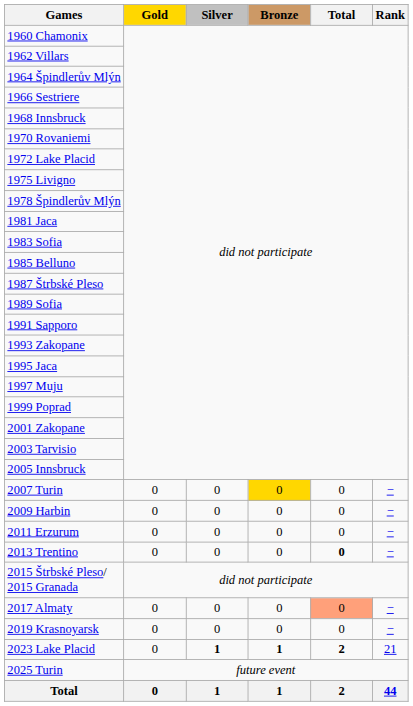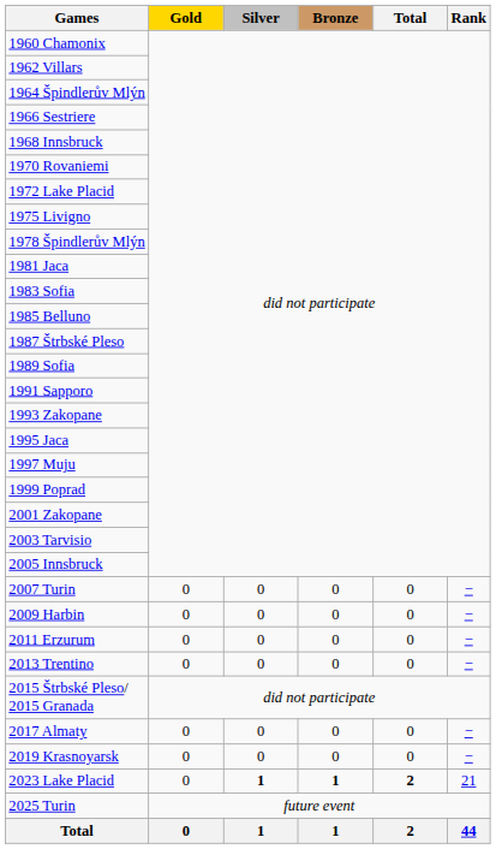 <table class="wikitable" style="text-align:center; font-size:90%;">
 <tr>
 <th>Games</th>
 <th style="background:gold; width:4.5em; font-weight:bold;">Gold</th>
 <th style="background:silver; width:4.5em; font-weight:bold;">Silver</th>
 <th style="background:#cc9966; width:4.5em; font-weight:bold;">Bronze</th>
 <th style="width:4.5em;">Total</th>
 <th>Rank</th>
 </tr>
 <tr>
 <td align=left> <a href='#'>1960 Chamonix</a></td>
 <td colspan=5 rowspan="22"><em>did not participate</em></td>
 </tr>
 <tr>
 <td align=left> <a href='#'>1962 Villars</a></td>
 </tr>
 <tr>
 <td align=left> <a href='#'>1964 Špindlerův Mlýn</a></td>
 </tr>
 <tr>
 <td align=left> <a href='#'>1966 Sestriere</a></td>
 </tr>
 <tr>
 <td align=left> <a href='#'>1968 Innsbruck</a></td>
 </tr>
 <tr>
 <td align=left> <a href='#'>1970 Rovaniemi</a></td>
 </tr>
 <tr>
 <td align=left> <a href='#'>1972 Lake Placid</a></td>
 </tr>
 <tr>
 <td align=left> <a href='#'>1975 Livigno</a></td>
 </tr>
 <tr>
 <td align=left> <a href='#'>1978 Špindlerův Mlýn</a></td>
 </tr>
 <tr>
 <td align=left> <a href='#'>1981 Jaca</a></td>
 </tr>
 <tr>
 <td align=left> <a href='#'>1983 Sofia</a></td>
 </tr>
 <tr>
 <td align=left> <a href='#'>1985 Belluno</a></td>
 </tr>
 <tr>
 <td align=left> <a href='#'>1987 Štrbské Pleso</a></td>
 </tr>
 <tr>
 <td align=left> <a href='#'>1989 Sofia</a></td>
 </tr>
 <tr>
 <td align=left> <a href='#'>1991 Sapporo</a></td>
 </tr>
 <tr>
 <td align=left> <a href='#'>1993 Zakopane</a></td>
 </tr>
 <tr>
 <td align=left> <a href='#'>1995 Jaca</a></td>
 </tr>
 <tr>
 <td align=left> <a href='#'>1997 Muju</a></td>
 </tr>
 <tr>
 <td align=left> <a href='#'>1999 Poprad</a></td>
 </tr>
 <tr>
 <td align=left> <a href='#'>2001 Zakopane</a></td>
 </tr>
 <tr>
 <td align=left> <a href='#'>2003 Tarvisio</a></td>
 </tr>
 <tr>
 <td align=left> <a href='#'>2005 Innsbruck</a></td>
 </tr>
 <tr>
 <td align=left> <a href='#'>2007 Turin</a></td>
 <td>0</td>
 <td>0</td>
-<td style="background: gold;">0</td>
+<td>0</td>
 <td>0</td>
 <td><a href='#'>−</a></td>
 </tr>
 <tr>
 <td align=left> <a href='#'>2009 Harbin</a></td>
 <td>0</td>
 <td>0</td>
 <td>0</td>
 <td>0</td>
 <td><a href='#'>−</a></td>
 </tr>
 <tr>
 <td align=left> <a href='#'>2011 Erzurum</a></td>
 <td>0</td>
 <td>0</td>
 <td>0</td>
 <td>0</td>
 <td><a href='#'>−</a></td>
 </tr>
 <tr>
 <td align=left> <a href='#'>2013 Trentino</a></td>
 <td>0</td>
 <td>0</td>
 <td>0</td>
-<td><strong>0</strong></td>
+<td>0</td>
 <td><a href='#'>−</a></td>
 </tr>
 <tr>
 <td align=left> <a href='#'>2015 Štrbské Pleso</a>/<br> <a href='#'>2015 Granada</a></td>
 <td colspan=5><em>did not participate</em></td>
 </tr>
 <tr>
 <td align=left> <a href='#'>2017 Almaty</a></td>
 <td>0</td>
 <td>0</td>
 <td>0</td>
-<td style="background: lightsalmon;">0</td>
+<td>0</td>
 <td><a href='#'>−</a></td>
 </tr>
 <tr>
 <td align=left> <a href='#'>2019 Krasnoyarsk</a></td>
 <td>0</td>
 <td>0</td>
 <td>0</td>
 <td>0</td>
 <td><a href='#'>−</a></td>
 </tr>
 <tr>
 <td align=left> <a href='#'>2023 Lake Placid</a></td>
 <td>0</td>
 <td><strong>1</strong></td>
 <td><strong>1</strong></td>
 <td><strong>2</strong></td>
 <td><a href='#'>21</a></td>
 </tr>
 <tr>
 <td align=left> <a href='#'>2025 Turin</a></td>
 <td colspan=5><em>future event</em></td>
 </tr>
 <tr>
 <th>Total</th>
 <th>0</th>
 <th>1</th>
 <th>1</th>
 <th>2</th>
 <th><a href='#'>44</a></th>
 </tr>
 </table>
